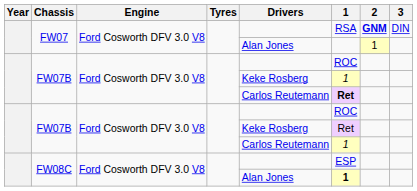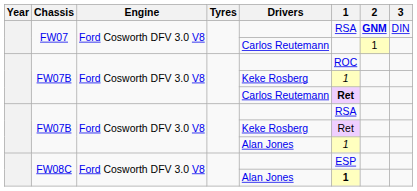 <table class="wikitable" style="text-align:center; font-size:85%">
 <tr>
 <th>Year</th>
 <th>Chassis</th>
 <th>Engine</th>
 <th>Tyres</th>
 <th>Drivers</th>
 <th>1</th>
 <th>2</th>
 <th>3</th>
 </tr>
 <tr>
 <th rowspan="2"></th>
 <td rowspan="2"><a href='#'>FW07</a></td>
 <td rowspan="2"><a href='#'>Ford</a> Cosworth DFV 3.0 <a href='#'>V8</a></td>
 <td rowspan="2"></td>
 <td></td>
 <td><a href='#'>RSA</a></td>
 <td><strong><a href='#'>GNM</a></strong></td>
 <td><a href='#'>DIN</a></td>
 </tr>
 <tr>
-<td align="left"> <a href='#'>Alan Jones</a></td>
+<td align="left"> <a href='#'>Carlos Reutemann</a></td>
 <td></td>
 <td style="background:#FFFFBF;">1</td>
 <td></td>
 </tr>
 <tr>
 <th rowspan="3"></th>
 <td rowspan="3"><a href='#'>FW07B</a></td>
 <td rowspan="3"><a href='#'>Ford</a> Cosworth DFV 3.0 <a href='#'>V8</a></td>
 <td rowspan="3"></td>
 <td></td>
 <td><a href='#'>ROC</a></td>
 <td></td>
 <td></td>
 </tr>
 <tr>
 <td align="left"> <a href='#'>Keke Rosberg</a></td>
 <td style="background:#FFFFBF;"><em>1</em></td>
 <td></td>
 <td></td>
 </tr>
 <tr>
 <td align="left"> <a href='#'>Carlos Reutemann</a></td>
 <td style="background:#efcfff;"><strong>Ret</strong></td>
 <td></td>
 <td></td>
 </tr>
 <tr>
 <th rowspan="3"></th>
 <td rowspan="3"><a href='#'>FW07B</a></td>
 <td rowspan="3"><a href='#'>Ford</a> Cosworth DFV 3.0 <a href='#'>V8</a></td>
 <td rowspan="3"></td>
 <td></td>
-<td><a href='#'>ROC</a></td>
+<td><a href='#'>RSA</a></td>
 <td></td>
 <td></td>
 </tr>
 <tr>
 <td align="left"> <a href='#'>Keke Rosberg</a></td>
 <td style="background:#efcfff;">Ret</td>
 <td></td>
 <td></td>
 </tr>
 <tr>
-<td align="left"> <a href='#'>Carlos Reutemann</a></td>
+<td align="left"> <a href='#'>Alan Jones</a></td>
 <td style="background:#FFFFBF;"><em>1</em></td>
 <td></td>
 <td></td>
 </tr>
 <tr>
 <th rowspan="2"></th>
 <td rowspan="2"><a href='#'>FW08C</a></td>
 <td rowspan="2"><a href='#'>Ford</a> Cosworth DFV 3.0 <a href='#'>V8</a></td>
 <td rowspan="2"></td>
 <td></td>
 <td><a href='#'>ESP</a></td>
 <td></td>
 <td></td>
 </tr>
 <tr>
 <td align="left"> <a href='#'>Alan Jones</a></td>
 <td style="background:#FFFFBF;"><strong>1</strong></td>
 <td></td>
 <td></td>
 </tr>
 </table>
